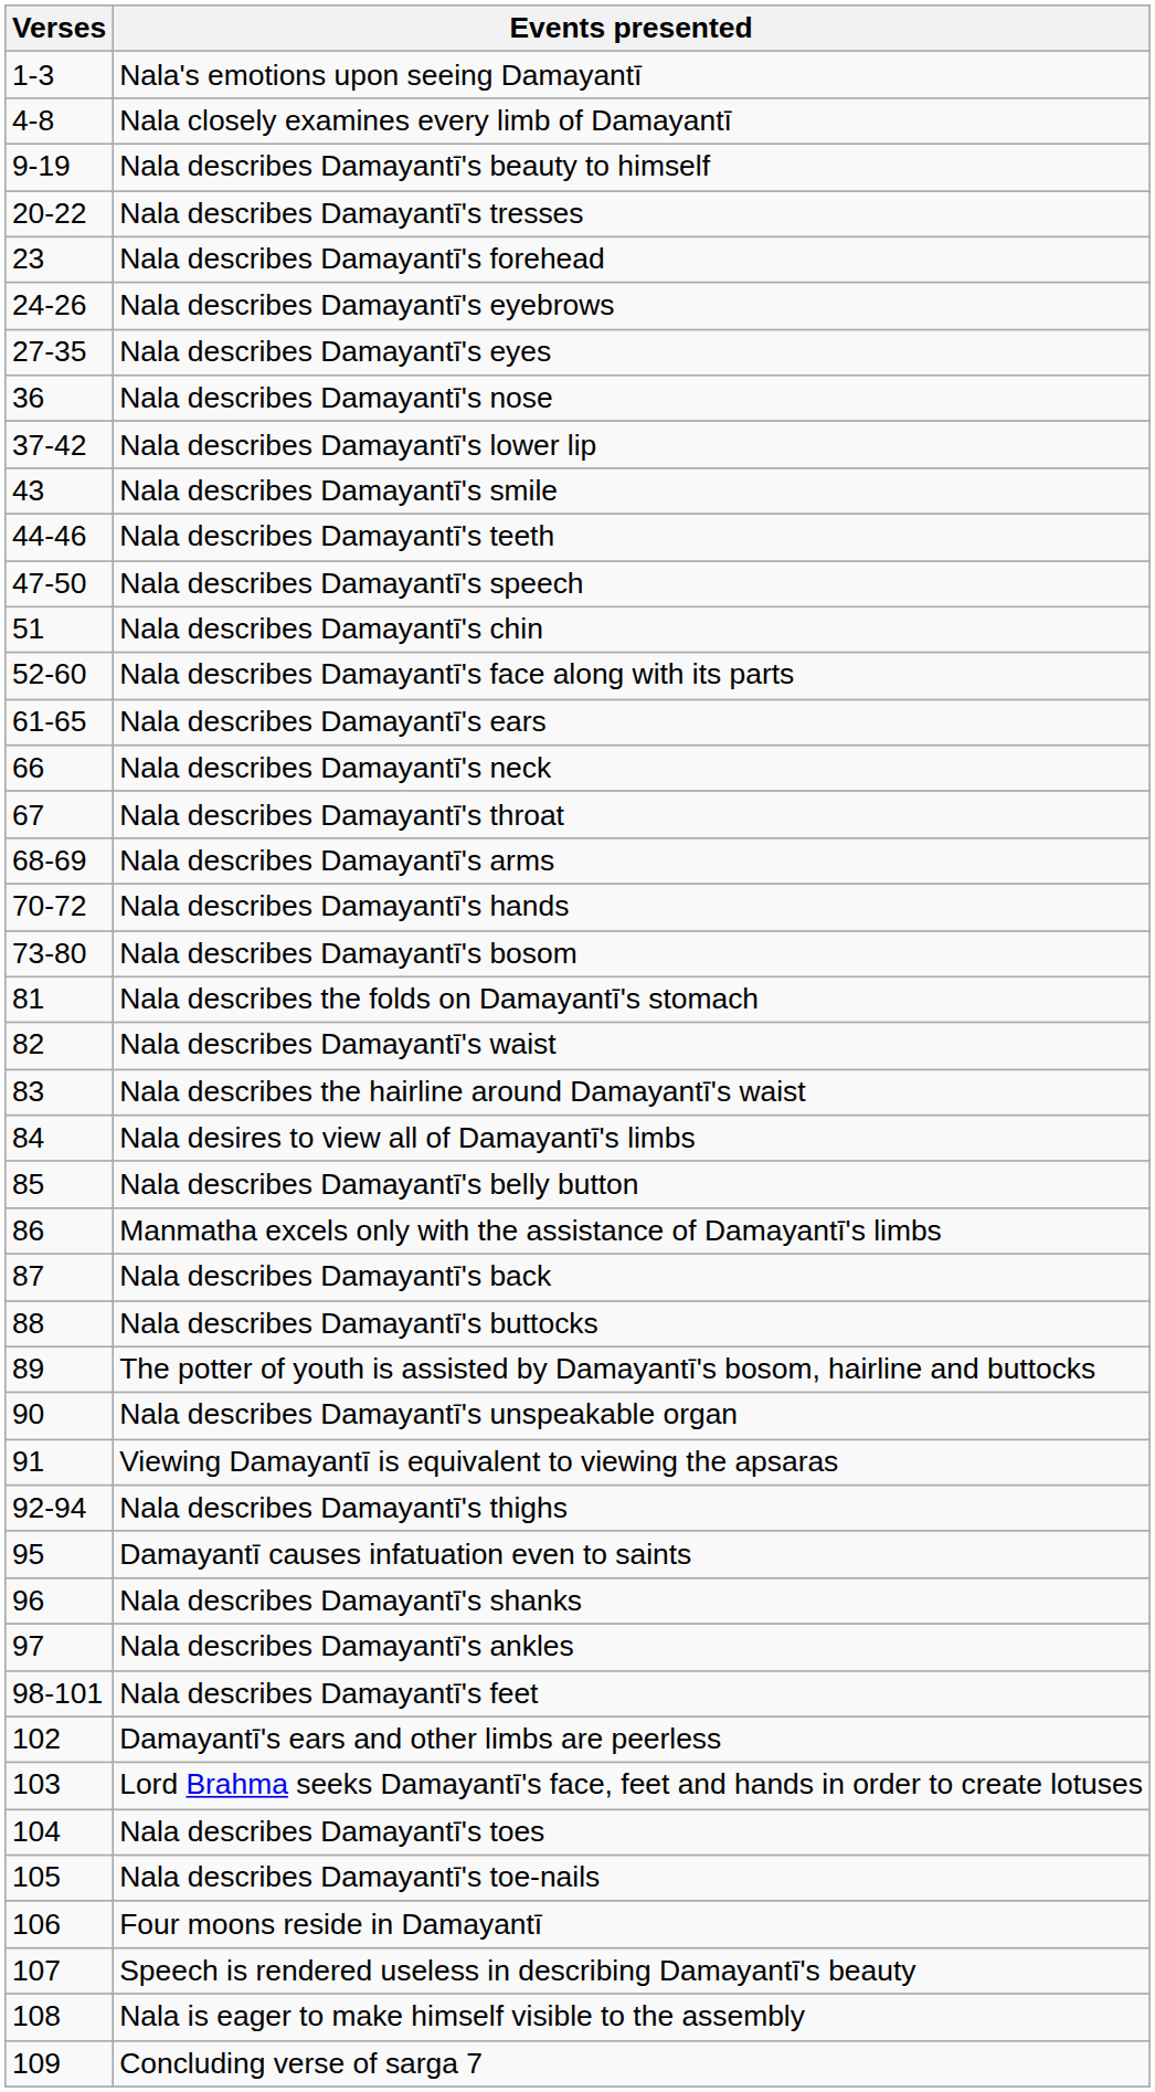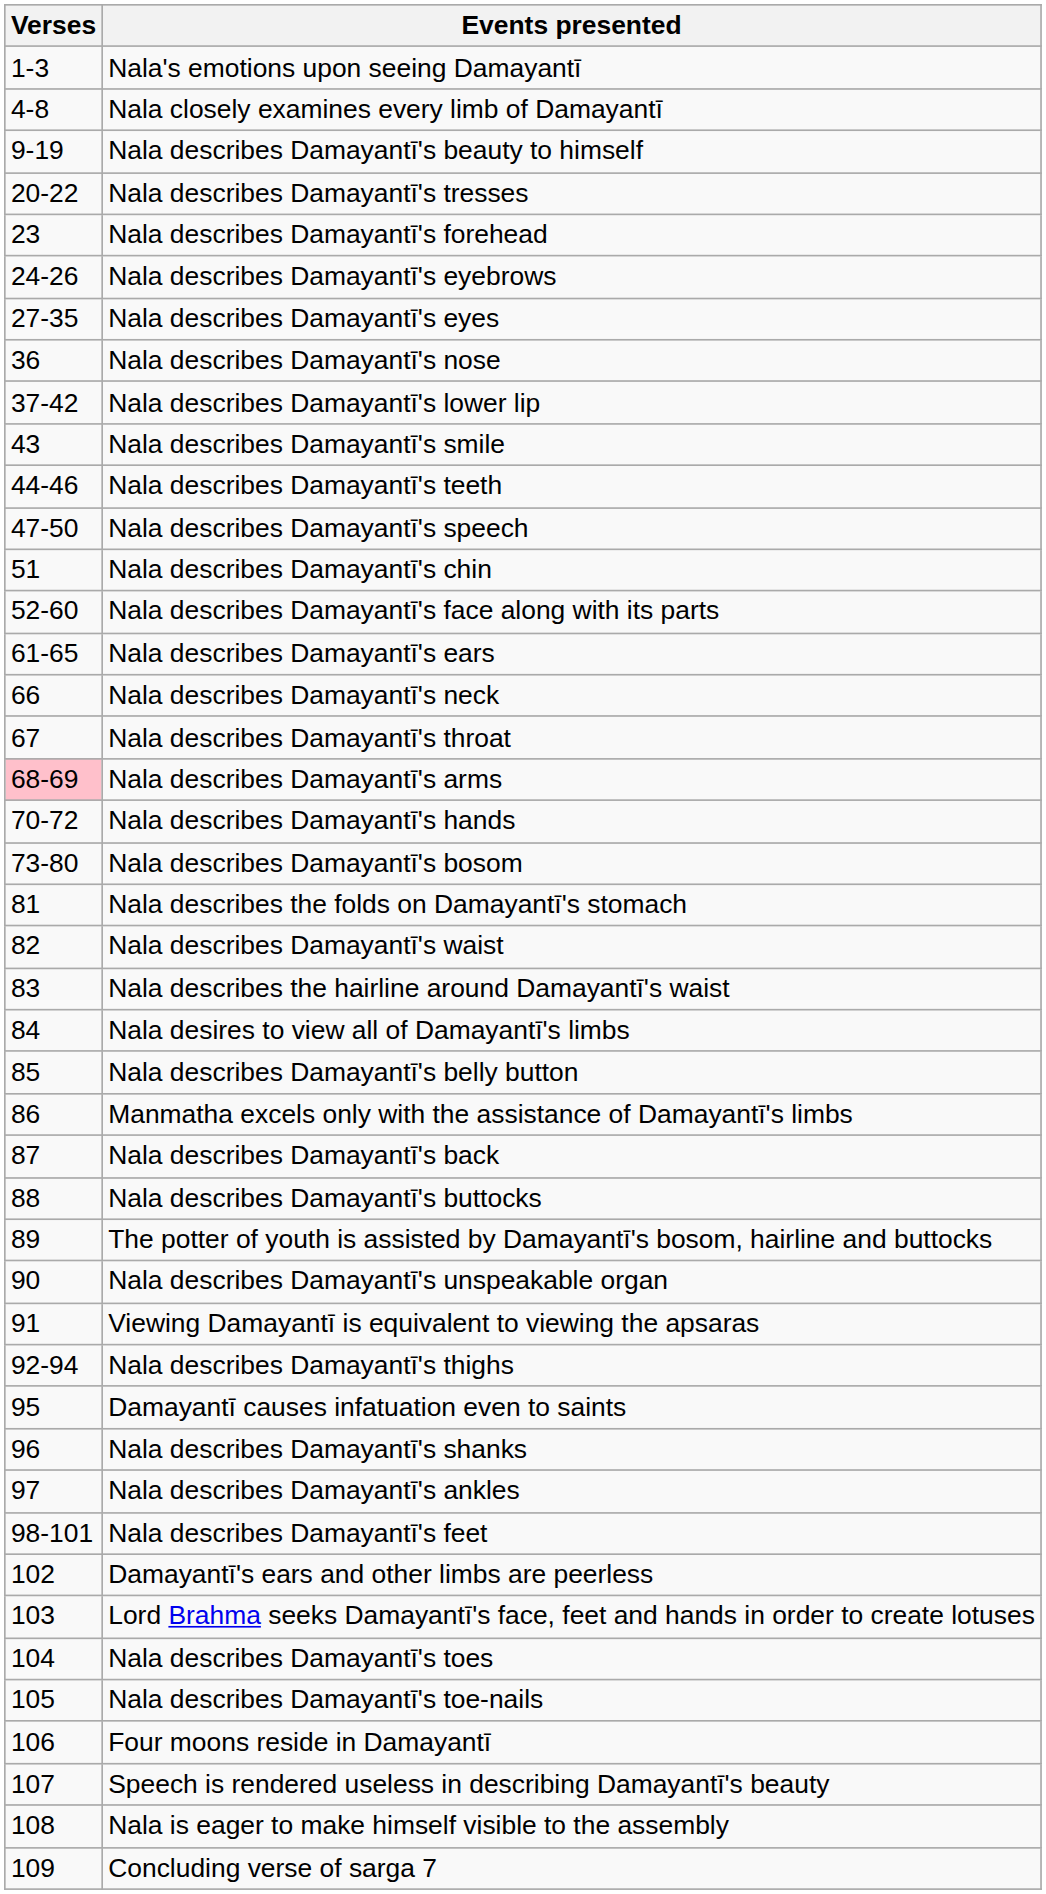 <table class="wikitable">
 <tr>
 <th>Verses</th>
 <th>Events presented</th>
 </tr>
 <tr>
 <td>1-3</td>
 <td>Nala's emotions upon seeing Damayantī</td>
 </tr>
 <tr>
 <td>4-8</td>
 <td>Nala closely examines every limb of Damayantī</td>
 </tr>
 <tr>
 <td>9-19</td>
 <td>Nala describes Damayantī's beauty to himself</td>
 </tr>
 <tr>
 <td>20-22</td>
 <td>Nala describes Damayantī's tresses</td>
 </tr>
 <tr>
 <td>23</td>
 <td>Nala describes Damayantī's forehead</td>
 </tr>
 <tr>
 <td>24-26</td>
 <td>Nala describes Damayantī's eyebrows</td>
 </tr>
 <tr>
 <td>27-35</td>
 <td>Nala describes Damayantī's eyes</td>
 </tr>
 <tr>
 <td>36</td>
 <td>Nala describes Damayantī's nose</td>
 </tr>
 <tr>
 <td>37-42</td>
 <td>Nala describes Damayantī's lower lip</td>
 </tr>
 <tr>
 <td>43</td>
 <td>Nala describes Damayantī's smile</td>
 </tr>
 <tr>
 <td>44-46</td>
 <td>Nala describes Damayantī's teeth</td>
 </tr>
 <tr>
 <td>47-50</td>
 <td>Nala describes Damayantī's speech</td>
 </tr>
 <tr>
 <td>51</td>
 <td>Nala describes Damayantī's chin</td>
 </tr>
 <tr>
 <td>52-60</td>
 <td>Nala describes Damayantī's face along with its parts</td>
 </tr>
 <tr>
 <td>61-65</td>
 <td>Nala describes Damayantī's ears</td>
 </tr>
 <tr>
 <td>66</td>
 <td>Nala describes Damayantī's neck</td>
 </tr>
 <tr>
 <td>67</td>
 <td>Nala describes Damayantī's throat</td>
 </tr>
 <tr>
-<td>68-69</td>
+<td style="background: pink;">68-69</td>
 <td>Nala describes Damayantī's arms</td>
 </tr>
 <tr>
 <td>70-72</td>
 <td>Nala describes Damayantī's hands</td>
 </tr>
 <tr>
 <td>73-80</td>
 <td>Nala describes Damayantī's bosom</td>
 </tr>
 <tr>
 <td>81</td>
 <td>Nala describes the folds on Damayantī's stomach</td>
 </tr>
 <tr>
 <td>82</td>
 <td>Nala describes Damayantī's waist</td>
 </tr>
 <tr>
 <td>83</td>
 <td>Nala describes the hairline around Damayantī's waist</td>
 </tr>
 <tr>
 <td>84</td>
 <td>Nala desires to view all of Damayantī's limbs</td>
 </tr>
 <tr>
 <td>85</td>
 <td>Nala describes Damayantī's belly button</td>
 </tr>
 <tr>
 <td>86</td>
 <td>Manmatha excels only with the assistance of  Damayantī's limbs</td>
 </tr>
 <tr>
 <td>87</td>
 <td>Nala describes Damayantī's back</td>
 </tr>
 <tr>
 <td>88</td>
 <td>Nala describes Damayantī's buttocks</td>
 </tr>
 <tr>
 <td>89</td>
 <td>The potter of youth is assisted by Damayantī's bosom, hairline and buttocks</td>
 </tr>
 <tr>
 <td>90</td>
 <td>Nala describes Damayantī's unspeakable organ</td>
 </tr>
 <tr>
 <td>91</td>
 <td>Viewing Damayantī is equivalent to viewing the apsaras</td>
 </tr>
 <tr>
 <td>92-94</td>
 <td>Nala describes Damayantī's thighs</td>
 </tr>
 <tr>
 <td>95</td>
 <td>Damayantī causes infatuation even to saints</td>
 </tr>
 <tr>
 <td>96</td>
 <td>Nala describes Damayantī's shanks</td>
 </tr>
 <tr>
 <td>97</td>
 <td>Nala describes Damayantī's ankles</td>
 </tr>
 <tr>
 <td>98-101</td>
 <td>Nala describes Damayantī's feet</td>
 </tr>
 <tr>
 <td>102</td>
 <td>Damayantī's ears and other limbs are peerless</td>
 </tr>
 <tr>
 <td>103</td>
 <td>Lord <a href='#'>Brahma</a> seeks Damayantī's face, feet and hands in order to create lotuses</td>
 </tr>
 <tr>
 <td>104</td>
 <td>Nala describes Damayantī's toes</td>
 </tr>
 <tr>
 <td>105</td>
 <td>Nala describes Damayantī's toe-nails</td>
 </tr>
 <tr>
 <td>106</td>
 <td>Four moons reside in Damayantī</td>
 </tr>
 <tr>
 <td>107</td>
 <td>Speech is rendered useless in describing Damayantī's beauty</td>
 </tr>
 <tr>
 <td>108</td>
 <td>Nala is eager to make himself visible to the assembly</td>
 </tr>
 <tr>
 <td>109</td>
 <td>Concluding verse of sarga 7</td>
 </tr>
 </table>
